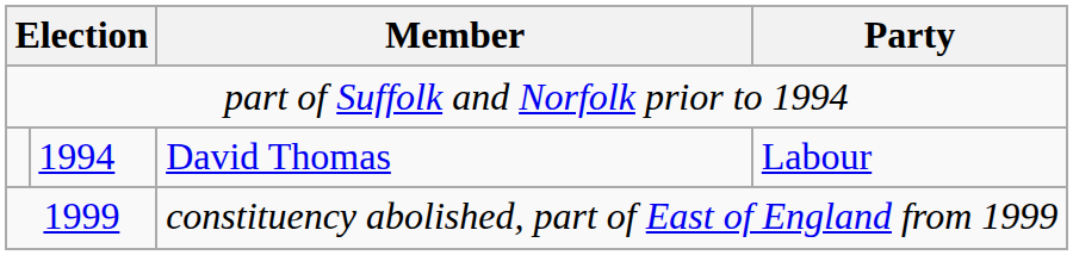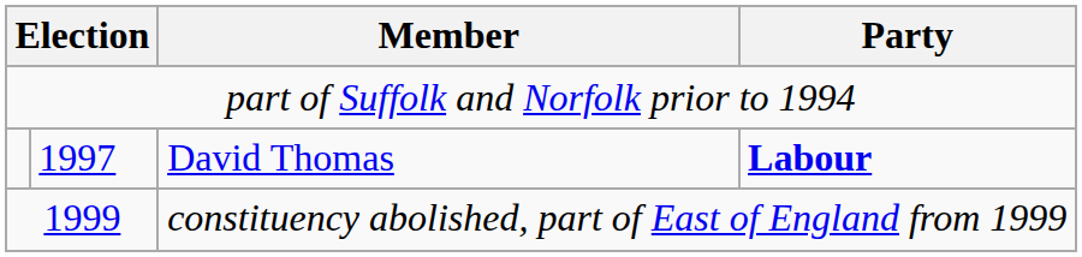 <table class="wikitable">
 <tr>
 <th colspan="2">Election</th>
 <th>Member</th>
 <th>Party</th>
 </tr>
 <tr>
 <td colspan="4" align="center"><em>part of <a href='#'>Suffolk</a> and <a href='#'>Norfolk</a> prior to 1994</em></td>
 </tr>
 <tr>
 <td style="background-color: "></td>
-<td><a href='#'>1994</a></td>
+<td><a href='#'>1997</a></td>
 <td><a href='#'>David Thomas</a></td>
-<td><a href='#'>Labour</a></td>
+<td><strong><a href='#'>Labour</a></strong></td>
 </tr>
 <tr>
 <td colspan="2" align="center"><a href='#'>1999</a></td>
 <td colspan="2"><em>constituency abolished, part of <a href='#'>East of England</a> from 1999</em></td>
 </tr>
 </table>
